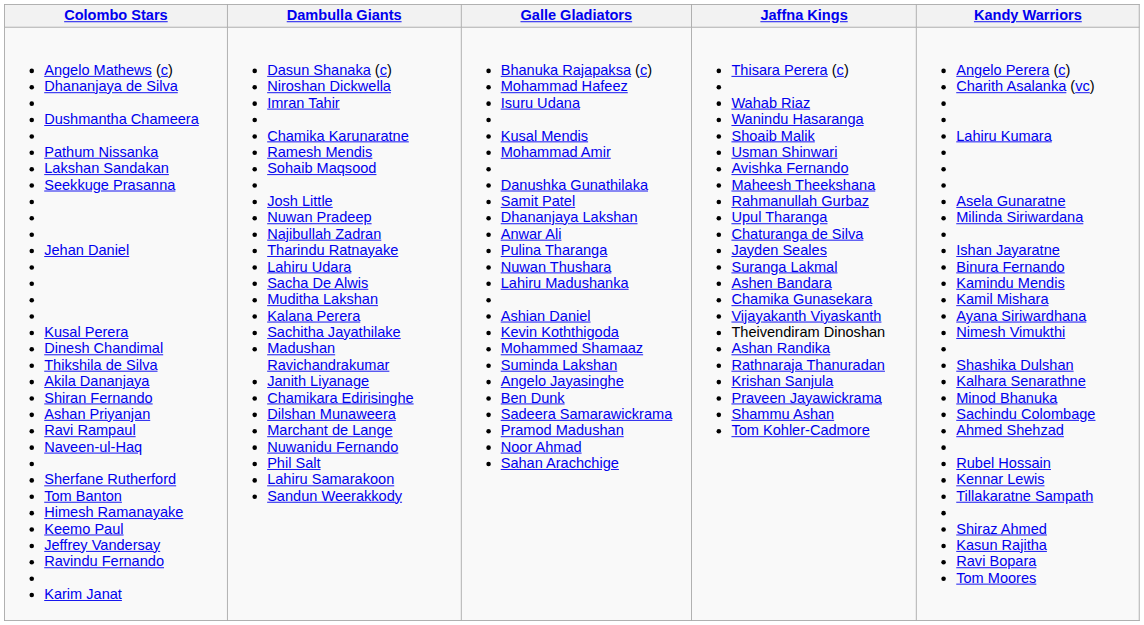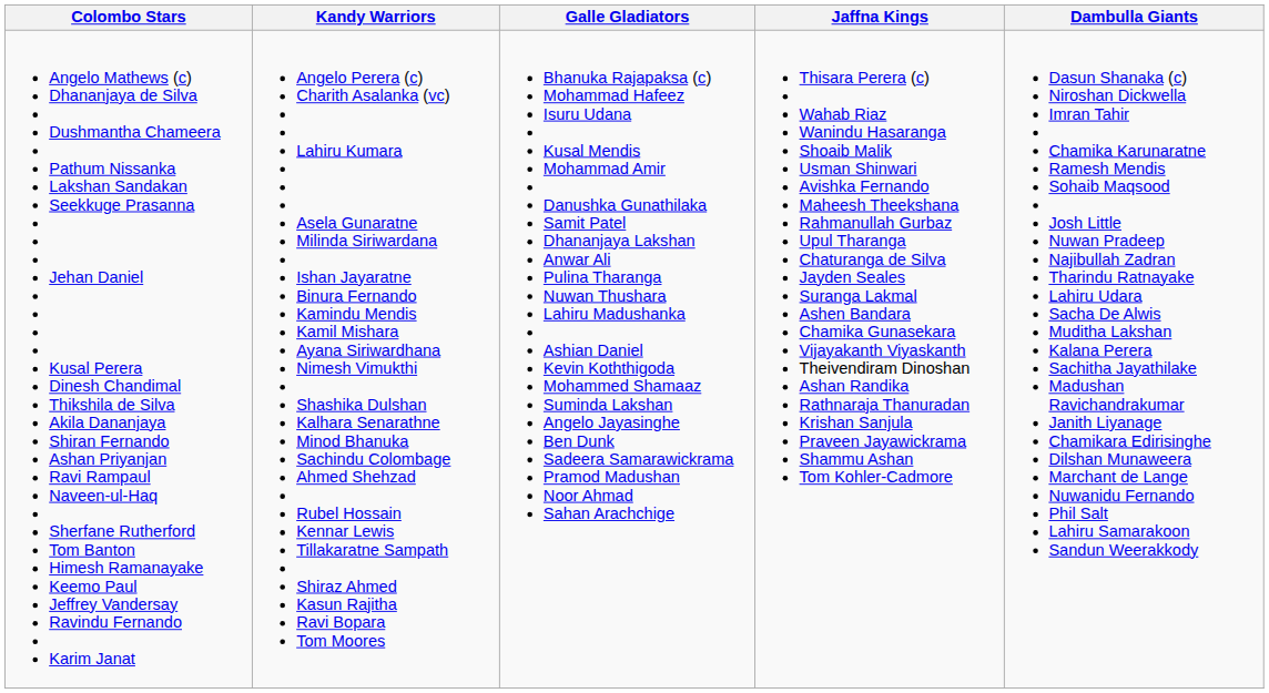 <table class="wikitable">
 <tr>
 <th style="width:280px;"><a href='#'>Colombo Stars</a></th>
-<th style="width:280px;"><a href='#'>Dambulla Giants</a></th>
+<th style="width:280px;"><a href='#'>Kandy Warriors</a></th>
 <th style="width:280px;"><a href='#'>Galle Gladiators</a></th>
 <th style="width:280px;"><a href='#'>Jaffna Kings</a></th>
-<th style="width:280px;"><a href='#'>Kandy Warriors</a></th>
+<th style="width:280px;"><a href='#'>Dambulla Giants</a></th>
 </tr>
 <tr>
 <td valign=top><br><ul><li><a href='#'>Angelo Mathews</a> (<a href='#'>c</a>)</li><li><a href='#'>Dhananjaya de Silva</a></li><li></li><li><a href='#'>Dushmantha Chameera</a></li><li></li><li><a href='#'>Pathum Nissanka</a></li><li><a href='#'>Lakshan Sandakan</a></li><li><a href='#'>Seekkuge Prasanna</a></li><li></li><li></li><li></li><li><a href='#'>Jehan Daniel</a></li><li></li><li></li><li></li><li></li><li><a href='#'>Kusal Perera</a></li><li><a href='#'>Dinesh Chandimal</a></li><li><a href='#'>Thikshila de Silva</a></li><li><a href='#'>Akila Dananjaya</a></li><li><a href='#'>Shiran Fernando</a></li><li><a href='#'>Ashan Priyanjan</a></li><li><a href='#'>Ravi Rampaul</a></li><li><a href='#'>Naveen-ul-Haq</a></li><li></li><li><a href='#'>Sherfane Rutherford</a></li><li><a href='#'>Tom Banton</a></li><li><a href='#'>Himesh Ramanayake</a></li><li><a href='#'>Keemo Paul</a></li><li><a href='#'>Jeffrey Vandersay</a></li><li><a href='#'>Ravindu Fernando</a></li><li></li><li><a href='#'>Karim Janat</a></li></ul></td>
-<td valign=top><br><ul><li><a href='#'>Dasun Shanaka</a> (<a href='#'>c</a>)</li><li><a href='#'>Niroshan Dickwella</a></li><li><a href='#'>Imran Tahir</a></li><li></li><li><a href='#'>Chamika Karunaratne</a></li><li><a href='#'>Ramesh Mendis</a></li><li><a href='#'>Sohaib Maqsood</a></li><li></li><li><a href='#'>Josh Little</a></li><li><a href='#'>Nuwan Pradeep</a></li><li><a href='#'>Najibullah Zadran</a></li><li><a href='#'>Tharindu Ratnayake</a></li><li><a href='#'>Lahiru Udara</a></li><li><a href='#'>Sacha De Alwis</a></li><li><a href='#'>Muditha Lakshan</a></li><li><a href='#'>Kalana Perera</a></li><li><a href='#'>Sachitha Jayathilake</a></li><li><a href='#'>Madushan Ravichandrakumar</a></li><li><a href='#'>Janith Liyanage</a></li><li><a href='#'>Chamikara Edirisinghe</a></li><li><a href='#'>Dilshan Munaweera</a></li><li><a href='#'>Marchant de Lange</a></li><li><a href='#'>Nuwanidu Fernando</a></li><li><a href='#'>Phil Salt</a></li><li><a href='#'>Lahiru Samarakoon</a></li><li><a href='#'>Sandun Weerakkody</a></li></ul></td>
+<td valign=top><br><ul><li><a href='#'>Angelo Perera</a> (<a href='#'>c</a>)</li><li><a href='#'>Charith Asalanka</a> (<a href='#'>vc</a>)</li><li></li><li></li><li><a href='#'>Lahiru Kumara</a></li><li></li><li></li><li></li><li><a href='#'>Asela Gunaratne</a></li><li><a href='#'>Milinda Siriwardana</a></li><li></li><li><a href='#'>Ishan Jayaratne</a></li><li><a href='#'>Binura Fernando</a></li><li><a href='#'>Kamindu Mendis</a></li><li><a href='#'>Kamil Mishara</a></li><li><a href='#'>Ayana Siriwardhana</a></li><li><a href='#'>Nimesh Vimukthi</a></li><li></li><li><a href='#'>Shashika Dulshan</a></li><li><a href='#'>Kalhara Senarathne</a></li><li><a href='#'>Minod Bhanuka</a></li><li><a href='#'>Sachindu Colombage</a></li><li><a href='#'>Ahmed Shehzad</a></li><li></li><li><a href='#'>Rubel Hossain</a></li><li><a href='#'>Kennar Lewis</a></li><li><a href='#'>Tillakaratne Sampath</a></li><li></li><li><a href='#'>Shiraz Ahmed</a></li><li><a href='#'>Kasun Rajitha</a></li><li><a href='#'>Ravi Bopara</a></li><li><a href='#'>Tom Moores</a></li></ul></td>
 <td valign=top><br><ul><li><a href='#'>Bhanuka Rajapaksa</a> (<a href='#'>c</a>)</li><li><a href='#'>Mohammad Hafeez</a></li><li><a href='#'>Isuru Udana</a></li><li></li><li><a href='#'>Kusal Mendis</a></li><li><a href='#'>Mohammad Amir</a></li><li></li><li><a href='#'>Danushka Gunathilaka</a></li><li><a href='#'>Samit Patel</a></li><li><a href='#'>Dhananjaya Lakshan</a></li><li><a href='#'>Anwar Ali</a></li><li><a href='#'>Pulina Tharanga</a></li><li><a href='#'>Nuwan Thushara</a></li><li><a href='#'>Lahiru Madushanka</a></li><li></li><li><a href='#'>Ashian Daniel</a></li><li><a href='#'>Kevin Koththigoda</a></li><li><a href='#'>Mohammed Shamaaz</a></li><li><a href='#'>Suminda Lakshan</a></li><li><a href='#'>Angelo Jayasinghe</a></li><li><a href='#'>Ben Dunk</a></li><li><a href='#'>Sadeera Samarawickrama</a></li><li><a href='#'>Pramod Madushan</a></li><li><a href='#'>Noor Ahmad</a></li><li><a href='#'>Sahan Arachchige</a></li></ul></td>
 <td valign=top><br><ul><li><a href='#'>Thisara Perera</a> (<a href='#'>c</a>)</li><li></li><li><a href='#'>Wahab Riaz</a></li><li><a href='#'>Wanindu Hasaranga</a></li><li><a href='#'>Shoaib Malik</a></li><li><a href='#'>Usman Shinwari</a></li><li><a href='#'>Avishka Fernando</a></li><li><a href='#'>Maheesh Theekshana</a></li><li><a href='#'>Rahmanullah Gurbaz</a></li><li><a href='#'>Upul Tharanga</a></li><li><a href='#'>Chaturanga de Silva</a></li><li><a href='#'>Jayden Seales</a></li><li><a href='#'>Suranga Lakmal</a></li><li><a href='#'>Ashen Bandara</a></li><li><a href='#'>Chamika Gunasekara</a></li><li><a href='#'>Vijayakanth Viyaskanth</a></li><li>Theivendiram Dinoshan</li><li><a href='#'>Ashan Randika</a></li><li><a href='#'>Rathnaraja Thanuradan</a></li><li><a href='#'>Krishan Sanjula</a></li><li><a href='#'>Praveen Jayawickrama</a></li><li><a href='#'>Shammu Ashan</a></li><li><a href='#'>Tom Kohler-Cadmore</a></li></ul></td>
-<td valign=top><br><ul><li><a href='#'>Angelo Perera</a> (<a href='#'>c</a>)</li><li><a href='#'>Charith Asalanka</a> (<a href='#'>vc</a>)</li><li></li><li></li><li><a href='#'>Lahiru Kumara</a></li><li></li><li></li><li></li><li><a href='#'>Asela Gunaratne</a></li><li><a href='#'>Milinda Siriwardana</a></li><li></li><li><a href='#'>Ishan Jayaratne</a></li><li><a href='#'>Binura Fernando</a></li><li><a href='#'>Kamindu Mendis</a></li><li><a href='#'>Kamil Mishara</a></li><li><a href='#'>Ayana Siriwardhana</a></li><li><a href='#'>Nimesh Vimukthi</a></li><li></li><li><a href='#'>Shashika Dulshan</a></li><li><a href='#'>Kalhara Senarathne</a></li><li><a href='#'>Minod Bhanuka</a></li><li><a href='#'>Sachindu Colombage</a></li><li><a href='#'>Ahmed Shehzad</a></li><li></li><li><a href='#'>Rubel Hossain</a></li><li><a href='#'>Kennar Lewis</a></li><li><a href='#'>Tillakaratne Sampath</a></li><li></li><li><a href='#'>Shiraz Ahmed</a></li><li><a href='#'>Kasun Rajitha</a></li><li><a href='#'>Ravi Bopara</a></li><li><a href='#'>Tom Moores</a></li></ul></td>
+<td valign=top><br><ul><li><a href='#'>Dasun Shanaka</a> (<a href='#'>c</a>)</li><li><a href='#'>Niroshan Dickwella</a></li><li><a href='#'>Imran Tahir</a></li><li></li><li><a href='#'>Chamika Karunaratne</a></li><li><a href='#'>Ramesh Mendis</a></li><li><a href='#'>Sohaib Maqsood</a></li><li></li><li><a href='#'>Josh Little</a></li><li><a href='#'>Nuwan Pradeep</a></li><li><a href='#'>Najibullah Zadran</a></li><li><a href='#'>Tharindu Ratnayake</a></li><li><a href='#'>Lahiru Udara</a></li><li><a href='#'>Sacha De Alwis</a></li><li><a href='#'>Muditha Lakshan</a></li><li><a href='#'>Kalana Perera</a></li><li><a href='#'>Sachitha Jayathilake</a></li><li><a href='#'>Madushan Ravichandrakumar</a></li><li><a href='#'>Janith Liyanage</a></li><li><a href='#'>Chamikara Edirisinghe</a></li><li><a href='#'>Dilshan Munaweera</a></li><li><a href='#'>Marchant de Lange</a></li><li><a href='#'>Nuwanidu Fernando</a></li><li><a href='#'>Phil Salt</a></li><li><a href='#'>Lahiru Samarakoon</a></li><li><a href='#'>Sandun Weerakkody</a></li></ul></td>
 </tr>
 </table>
